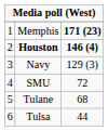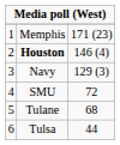 <table class="wikitable">
 <tr align="center">
 <td align="center" Colspan="3"><strong>Media poll (West)</strong></td>
 </tr>
 <tr align="center">
 </tr>
 <tr align="center">
 <td>1</td>
 <td>Memphis</td>
-<td><strong>171 (23)</strong></td>
+<td>171 (23)</td>
 </tr>
 <tr align="center">
 <td>2</td>
 <td><strong>Houston</strong></td>
-<td><strong>146 (4)</strong></td>
+<td>146 (4)</td>
 </tr>
 <tr align="center">
 <td>3</td>
 <td>Navy</td>
 <td>129 (3)</td>
 </tr>
 <tr align="center">
 <td>4</td>
 <td>SMU</td>
 <td>72</td>
 </tr>
 <tr align="center">
 <td>5</td>
 <td>Tulane</td>
 <td>68</td>
 </tr>
 <tr align="center">
 <td>6</td>
 <td>Tulsa</td>
 <td>44</td>
 </tr>
 </table>
